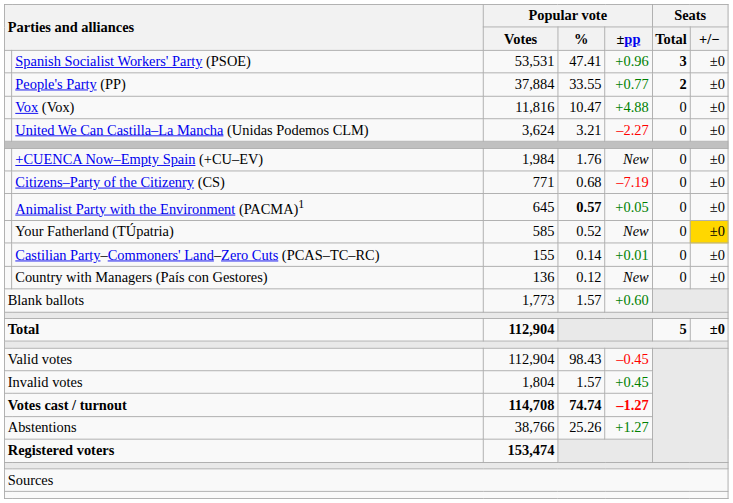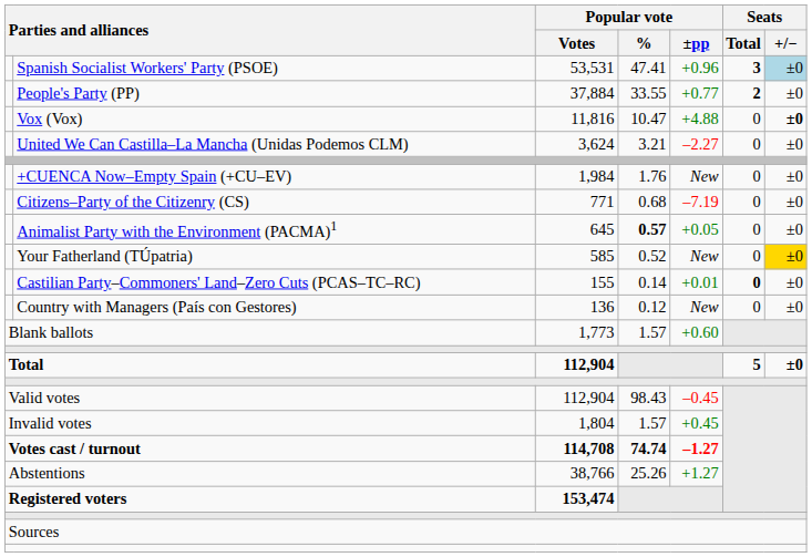 <table class="wikitable" style="text-align:right;">
 <tr>
 <th style="text-align:left;" rowspan="2" colspan="2" width="525">Parties and alliances</th>
 <th colspan="3">Popular vote</th>
 <th colspan="2">Seats</th>
 </tr>
 <tr>
 <th width="75">Votes</th>
 <th width="45">%</th>
 <th width="45">±<a href='#'>pp</a></th>
 <th width="35">Total</th>
 <th width="35">+/−</th>
 </tr>
 <tr>
 <td width="1" style="color:inherit;background:"></td>
 <td align="left"><a href='#'>Spanish Socialist Workers' Party</a> (PSOE)</td>
 <td>53,531</td>
 <td>47.41</td>
 <td style="color:green;">+0.96</td>
 <td><strong>3</strong></td>
-<td>±0</td>
+<td style="background: lightblue;">±0</td>
 </tr>
 <tr>
 <td style="color:inherit;background:"></td>
 <td align="left"><a href='#'>People's Party</a> (PP)</td>
 <td>37,884</td>
 <td>33.55</td>
 <td style="color:green;">+0.77</td>
 <td><strong>2</strong></td>
 <td>±0</td>
 </tr>
 <tr>
 <td style="color:inherit;background:"></td>
 <td align="left"><a href='#'>Vox</a> (Vox)</td>
 <td>11,816</td>
 <td>10.47</td>
 <td style="color:green;">+4.88</td>
 <td>0</td>
-<td>±0</td>
+<td><strong>±0</strong></td>
 </tr>
 <tr>
 <td style="color:inherit;background:"></td>
 <td align="left"><a href='#'>United We Can Castilla–La Mancha</a> (Unidas Podemos CLM)</td>
 <td>3,624</td>
 <td>3.21</td>
 <td style="color:red;">–2.27</td>
 <td>0</td>
 <td>±0</td>
 </tr>
 <tr>
 <td colspan="7" bgcolor="#C0C0C0"></td>
 </tr>
 <tr>
 <td style="color:inherit;background:"></td>
 <td align="left"><a href='#'>+CUENCA Now–Empty Spain</a> (+CU–EV)</td>
 <td>1,984</td>
 <td>1.76</td>
 <td><em>New</em></td>
 <td>0</td>
 <td>±0</td>
 </tr>
 <tr>
 <td style="color:inherit;background:"></td>
 <td align="left"><a href='#'>Citizens–Party of the Citizenry</a> (CS)</td>
 <td>771</td>
 <td>0.68</td>
 <td style="color:red;">–7.19</td>
 <td>0</td>
 <td>±0</td>
 </tr>
 <tr>
 <td style="color:inherit;background:"></td>
 <td align="left"><a href='#'>Animalist Party with the Environment</a> (PACMA)<sup>1</sup></td>
 <td>645</td>
 <td><strong>0.57</strong></td>
 <td style="color:green;">+0.05</td>
 <td>0</td>
 <td>±0</td>
 </tr>
 <tr>
 <td style="color:inherit;background:"></td>
 <td align="left">Your Fatherland (TÚpatria)</td>
 <td>585</td>
 <td>0.52</td>
 <td><em>New</em></td>
 <td>0</td>
 <td style="background: gold;">±0</td>
 </tr>
 <tr>
 <td style="color:inherit;background:"></td>
 <td align="left"><a href='#'>Castilian Party</a>–<a href='#'>Commoners' Land</a>–<a href='#'>Zero Cuts</a> (PCAS–TC–RC)</td>
 <td>155</td>
 <td>0.14</td>
 <td style="color:green;">+0.01</td>
-<td>0</td>
+<td><strong>0</strong></td>
 <td>±0</td>
 </tr>
 <tr>
 <td style="color:inherit;background:"></td>
 <td align="left">Country with Managers (País con Gestores)</td>
 <td>136</td>
 <td>0.12</td>
 <td><em>New</em></td>
 <td>0</td>
 <td>±0</td>
 </tr>
 <tr>
 <td align="left" colspan="2">Blank ballots</td>
 <td>1,773</td>
 <td>1.57</td>
 <td style="color:green;">+0.60</td>
 <td bgcolor="#E9E9E9" colspan="2"></td>
 </tr>
 <tr>
 <td colspan="7" bgcolor="#E9E9E9"></td>
 </tr>
 <tr style="font-weight:bold;">
 <td align="left" colspan="2">Total</td>
 <td>112,904</td>
 <td bgcolor="#E9E9E9" colspan="2"></td>
 <td>5</td>
 <td>±0</td>
 </tr>
 <tr>
 <td colspan="7" bgcolor="#E9E9E9"></td>
 </tr>
 <tr>
 <td align="left" colspan="2">Valid votes</td>
 <td>112,904</td>
 <td>98.43</td>
 <td style="color:red;">–0.45</td>
 <td bgcolor="#E9E9E9" colspan="2" rowspan="5"></td>
 </tr>
 <tr>
 <td align="left" colspan="2">Invalid votes</td>
 <td>1,804</td>
 <td>1.57</td>
 <td style="color:green;">+0.45</td>
 </tr>
 <tr style="font-weight:bold;">
 <td align="left" colspan="2">Votes cast / turnout</td>
 <td>114,708</td>
 <td>74.74</td>
 <td style="color:red;">–1.27</td>
 </tr>
 <tr>
 <td align="left" colspan="2">Abstentions</td>
 <td>38,766</td>
 <td>25.26</td>
 <td style="color:green;">+1.27</td>
 </tr>
 <tr style="font-weight:bold;">
 <td align="left" colspan="2">Registered voters</td>
 <td>153,474</td>
 <td bgcolor="#E9E9E9" colspan="2"></td>
 </tr>
 <tr>
 <td colspan="7" bgcolor="#E9E9E9"></td>
 </tr>
 <tr>
 <td align="left" colspan="7">Sources</td>
 </tr>
 <tr>
 <td colspan="7" style="text-align:left; max-width:790px;"></td>
 </tr>
 </table>
